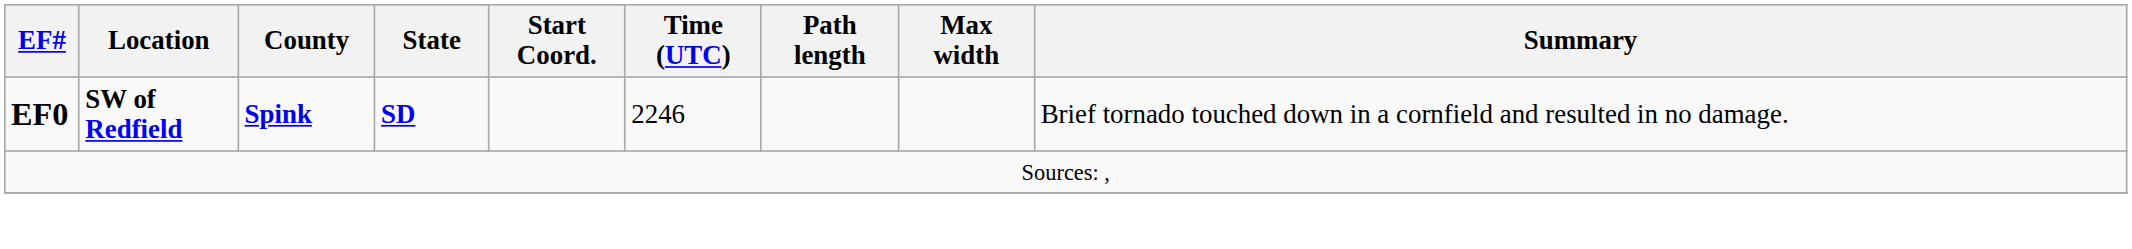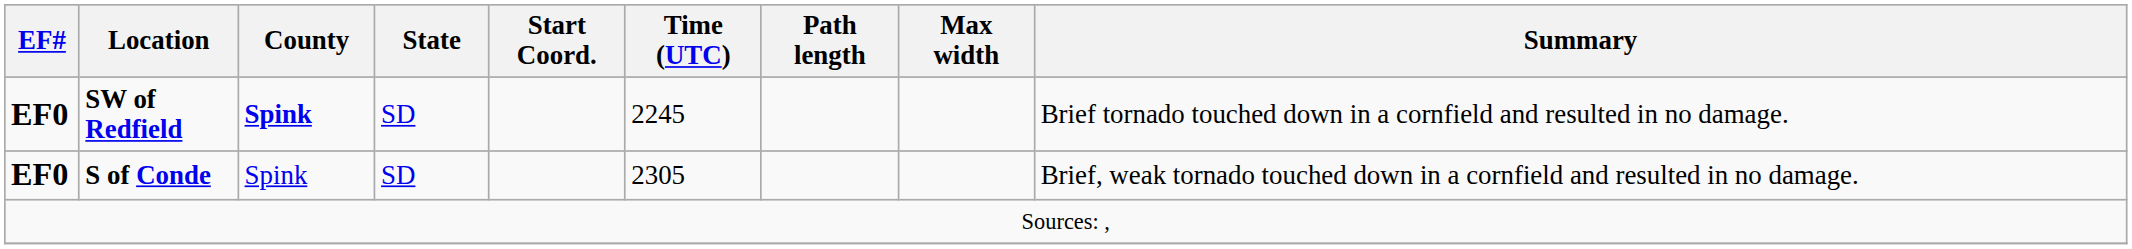 <table class="wikitable collapsible" width="100%">
 <tr>
 <th scope="col"  style="width:3%; text-align:center;"><a href='#'>EF#</a></th>
 <th scope="col"  style="width:7%; text-align:center;" class="unsortable">Location</th>
 <th scope="col"  style="width:6%; text-align:center;" class="unsortable">County</th>
 <th scope="col"  style="width:5%; text-align:center;">State</th>
 <th scope="col"  style="width:6%; text-align:center;">Start Coord.</th>
 <th scope="col"  style="width:6%; text-align:center;">Time (<a href='#'>UTC</a>)</th>
 <th scope="col"  style="width:6%; text-align:center;">Path length</th>
 <th scope="col"  style="width:6%; text-align:center;">Max width</th>
 <th scope="col" class="unsortable" style="width:48%; text-align:center;">Summary</th>
 </tr>
 <tr>
 <td><big><strong>EF0</strong></big></td>
 <td><strong>SW of <a href='#'>Redfield</a></strong></td>
 <td><strong><a href='#'>Spink</a></strong></td>
-<td><strong><a href='#'>SD</a></strong></td>
+<td><a href='#'>SD</a></td>
 <td></td>
-<td>2246</td>
+<td>2245</td>
 <td></td>
 <td></td>
 <td>Brief tornado touched down in a cornfield and resulted in no damage.</td>
+</tr>
+<tr>
+<td><big><strong>EF0</strong></big></td>
+<td><strong>S of <a href='#'>Conde</a></strong></td>
+<td><a href='#'>Spink</a></td>
+<td><a href='#'>SD</a></td>
+<td></td>
+<td>2305</td>
+<td></td>
+<td></td>
+<td>Brief, weak tornado touched down in a cornfield and resulted in no damage.</td>
 </tr>
 <tr>
 <td colspan="9" align=center><small>Sources: , </small></td>
 </tr>
 <tr>
 </tr>
 </table>
